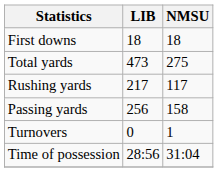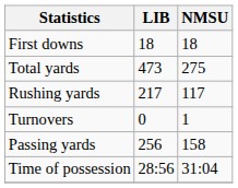 <table class="wikitable" style="float: left;">
 <tr>
 <th>Statistics</th>
 <th>LIB</th>
 <th>NMSU</th>
 </tr>
 <tr>
 <td>First downs</td>
 <td>18</td>
 <td>18</td>
 </tr>
 <tr>
 <td>Total yards</td>
 <td>473</td>
 <td>275</td>
 </tr>
 <tr>
 <td>Rushing yards</td>
 <td>217</td>
 <td>117</td>
 </tr>
 <tr>
+<td>Turnovers</td>
+<td>0</td>
+<td>1</td>
+</tr>
+<tr>
 <td>Passing yards</td>
 <td>256</td>
 <td>158</td>
-</tr>
-<tr>
-<td>Turnovers</td>
-<td>0</td>
-<td>1</td>
 </tr>
 <tr>
 <td>Time of possession</td>
 <td>28:56</td>
 <td>31:04</td>
 </tr>
 <tr>
 </tr>
 </table>
